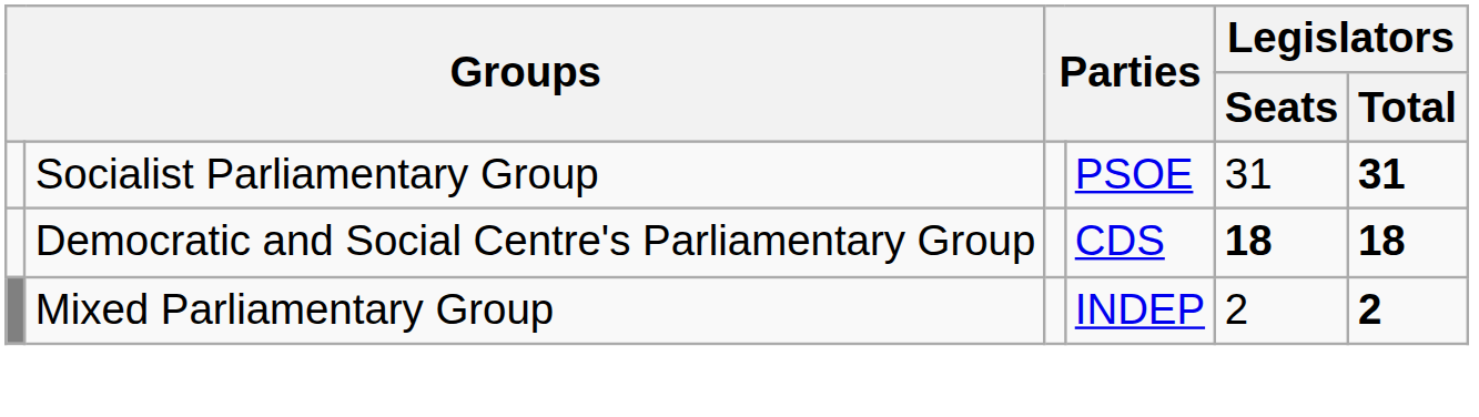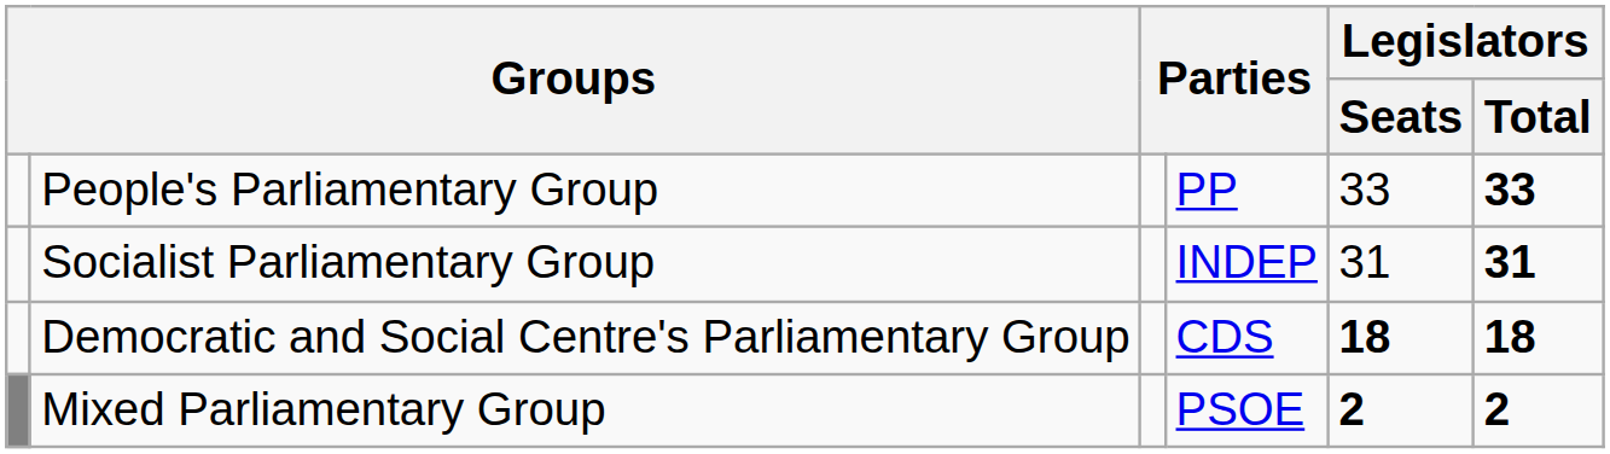 <table class="wikitable" style="text-align:left;">
 <tr>
 <th rowspan="2" colspan="2">Groups</th>
 <th rowspan="2" colspan="2">Parties</th>
 <th colspan="2">Legislators</th>
 </tr>
 <tr>
 <th>Seats</th>
 <th>Total</th>
 </tr>
 <tr>
+<td width="1" style="color:inherit;background:"></td>
+<td>People's Parliamentary Group</td>
+<td width="1" style="color:inherit;background:"></td>
+<td><a href='#'>PP</a></td>
+<td>33</td>
+<td><strong>33</strong></td>
+</tr>
+<tr>
 <td style="color:inherit;background:"></td>
 <td>Socialist Parliamentary Group</td>
 <td style="color:inherit;background:"></td>
-<td><a href='#'>PSOE</a></td>
+<td align="left"><a href='#'>INDEP</a></td>
 <td>31</td>
 <td><strong>31</strong></td>
 </tr>
 <tr>
 <td style="color:inherit;background:"></td>
 <td>Democratic and Social Centre's Parliamentary Group</td>
 <td style="color:inherit;background:"></td>
 <td><a href='#'>CDS</a></td>
 <td><strong>18</strong></td>
 <td><strong>18</strong></td>
 </tr>
 <tr>
 <td bgcolor="gray"></td>
 <td>Mixed Parliamentary Group</td>
 <td style="color:inherit;background:"></td>
-<td align="left"><a href='#'>INDEP</a></td>
-<td>2</td>
+<td><a href='#'>PSOE</a></td>
+<td><strong>2</strong></td>
 <td rowspan="2"><strong>2</strong></td>
 </tr>
 </table>
